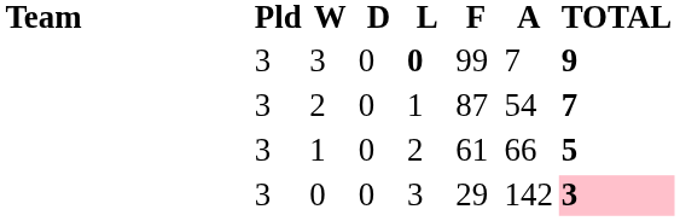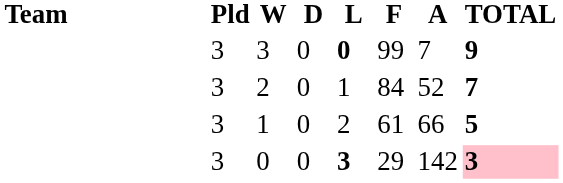 <table>
 <tr>
 <td><br></td>
 </tr>
 <tr border=1 cellpadding=5 cellspacing=0>
 <th width="200">Team</th>
 <th width="20">Pld</th>
 <th width="20">W</th>
 <th width="20">D</th>
 <th width="20">L</th>
 <th width="20">F</th>
 <th width="20">A</th>
 <th width="20">TOTAL</th>
 </tr>
 <tr>
 <td align=left></td>
 <td>3</td>
 <td>3</td>
 <td>0</td>
 <td><strong>0</strong></td>
 <td>99</td>
 <td>7</td>
 <td><strong>9</strong></td>
 </tr>
 <tr>
 <td align=left></td>
 <td>3</td>
 <td>2</td>
 <td>0</td>
 <td>1</td>
-<td>87</td>
-<td>54</td>
+<td>84</td>
+<td>52</td>
 <td><strong>7</strong></td>
 </tr>
 <tr>
 <td align=left></td>
 <td>3</td>
 <td>1</td>
 <td>0</td>
 <td>2</td>
 <td>61</td>
 <td>66</td>
 <td><strong>5</strong></td>
 </tr>
 <tr>
 <td align=left></td>
 <td>3</td>
 <td>0</td>
 <td>0</td>
-<td>3</td>
+<td><strong>3</strong></td>
 <td>29</td>
 <td>142</td>
 <td style="background: pink;"><strong>3</strong></td>
 </tr>
 </table>
